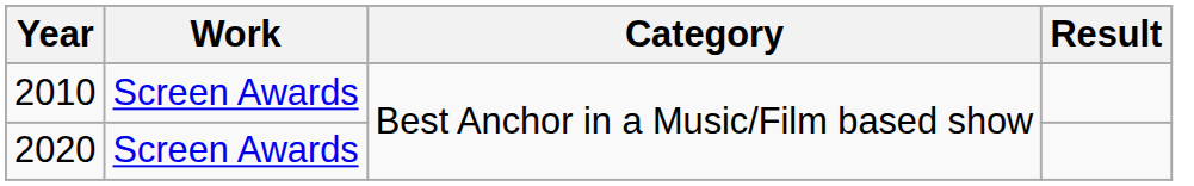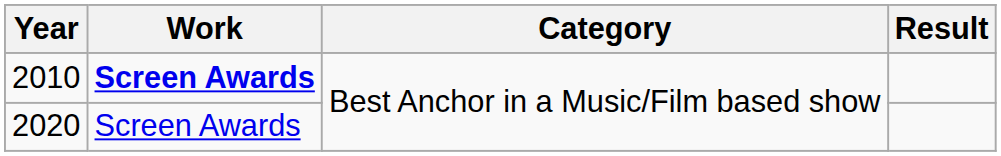 <table class="wikitable">
 <tr>
 <th>Year</th>
 <th>Work</th>
 <th>Category</th>
 <th>Result</th>
 </tr>
 <tr>
 <td>2010</td>
-<td><a href='#'>Screen Awards</a></td>
+<td><strong><a href='#'>Screen Awards</a></strong></td>
 <td rowspan="2">Best Anchor in a Music/Film based show</td>
 <td></td>
 </tr>
 <tr>
 <td>2020</td>
 <td><a href='#'>Screen Awards</a></td>
 <td></td>
 </tr>
 </table>
